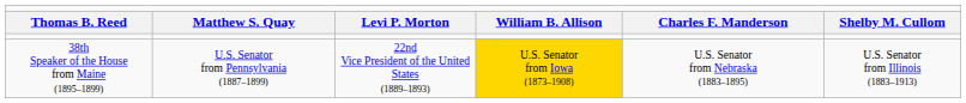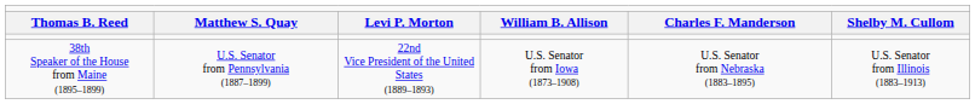 <table class="wikitable" style="font-size:90%">
 <tr>
 <td colspan="6" style="text-align:center; width:1200px; font-size:120%; color:white; background:"></td>
 </tr>
 <tr>
 <th scope="col" style="width:3em; font-size:120%;"><a href='#'>Thomas B. Reed</a></th>
 <th scope="col" style="width:3em; font-size:120%;"><a href='#'>Matthew S. Quay</a></th>
 <th scope="col" style="width:3em; font-size:120%;"><a href='#'>Levi P. Morton</a></th>
 <th scope="col" style="width:3em; font-size:120%;"><a href='#'>William B. Allison</a></th>
 <th scope="col" style="width:3em; font-size:120%;"><a href='#'>Charles F. Manderson</a></th>
 <th scope="col" style="width:3em; font-size:120%;"><a href='#'>Shelby M. Cullom</a></th>
 </tr>
 <tr>
 <td></td>
 <td></td>
 <td></td>
 <td></td>
 <td></td>
 <td></td>
 </tr>
 <tr style="text-align:center">
 <td><a href='#'>38th</a><br><a href='#'>Speaker of the House</a><br>from <a href='#'>Maine</a><br><small>(1895–1899)</small></td>
 <td><a href='#'>U.S. Senator</a><br>from <a href='#'>Pennsylvania</a><br><small>(1887–1899)</small></td>
 <td><a href='#'>22nd</a><br><a href='#'>Vice President of the United States</a><br><small>(1889–1893)</small></td>
-<td style="background: gold;">U.S. Senator<br>from <a href='#'>Iowa</a><br><small>(1873–1908)</small></td>
+<td>U.S. Senator<br>from <a href='#'>Iowa</a><br><small>(1873–1908)</small></td>
 <td>U.S. Senator<br>from <a href='#'>Nebraska</a><br><small>(1883–1895)</small></td>
 <td>U.S. Senator<br>from <a href='#'>Illinois</a><br><small>(1883–1913)</small></td>
 </tr>
 </table>
